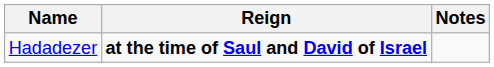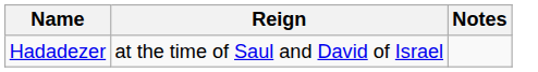 <table class="wikitable">
 <tr>
 <th>Name</th>
 <th>Reign</th>
 <th>Notes</th>
 </tr>
 <tr>
 <td><a href='#'>Hadadezer</a></td>
-<td><strong>at the time of <a href='#'>Saul</a> and <a href='#'>David</a> of <a href='#'>Israel</a></strong></td>
+<td>at the time of <a href='#'>Saul</a> and <a href='#'>David</a> of <a href='#'>Israel</a></td>
 </tr>
 </table>
